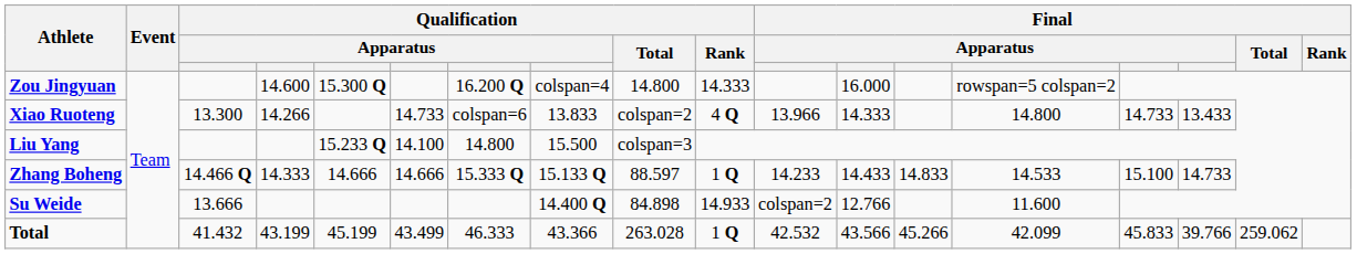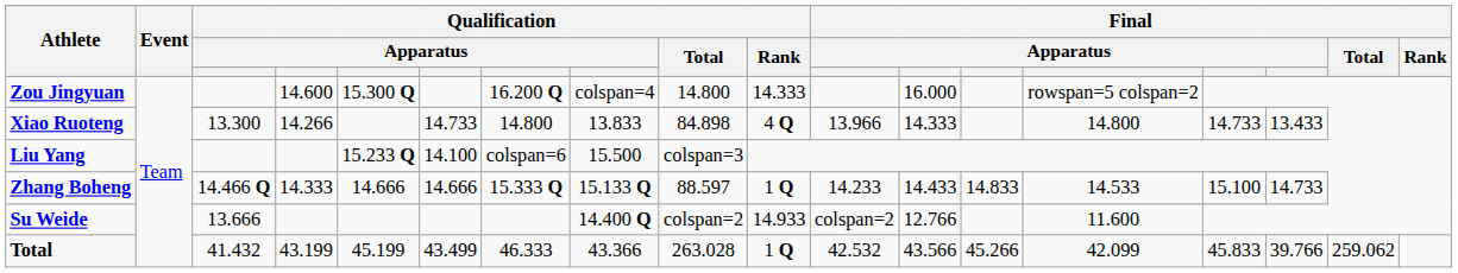 <table class=wikitable style=font-size:90%;text-align:center>
 <tr>
 <th rowspan=3>Athlete</th>
 <th rowspan=3>Event</th>
 <th colspan=8>Qualification</th>
 <th colspan=8>Final</th>
 </tr>
 <tr style="font-size:95%">
 <th colspan=6>Apparatus</th>
 <th rowspan=2>Total</th>
 <th rowspan=2>Rank</th>
 <th colspan=6>Apparatus</th>
 <th rowspan=2>Total</th>
 <th rowspan=2>Rank</th>
 </tr>
 <tr style="font-size:95%">
 <th></th>
 <th></th>
 <th></th>
 <th></th>
 <th></th>
 <th></th>
 <th></th>
 <th></th>
 <th></th>
 <th></th>
 <th></th>
 <th></th>
 </tr>
 <tr>
 <td align=left><strong><a href='#'>Zou Jingyuan</a></strong></td>
 <td align=left rowspan=6><a href='#'>Team</a></td>
 <td></td>
 <td>14.600</td>
 <td>15.300 <strong>Q</strong></td>
 <td></td>
 <td>16.200 <strong>Q</strong></td>
 <td>colspan=4</td>
 <td>14.800</td>
 <td>14.333</td>
 <td></td>
 <td>16.000</td>
 <td></td>
 <td>rowspan=5 colspan=2 </td>
 </tr>
 <tr>
 <td align=left><strong><a href='#'>Xiao Ruoteng</a></strong></td>
 <td>13.300</td>
 <td>14.266</td>
 <td></td>
 <td>14.733</td>
-<td>colspan=6</td>
+<td>14.800</td>
 <td>13.833</td>
-<td>colspan=2</td>
+<td>84.898</td>
 <td>4 <strong>Q</strong></td>
 <td>13.966</td>
 <td>14.333</td>
 <td></td>
 <td>14.800</td>
 <td>14.733</td>
 <td>13.433</td>
 </tr>
 <tr>
 <td align=left><strong><a href='#'>Liu Yang</a></strong></td>
 <td></td>
 <td></td>
 <td>15.233 <strong>Q</strong></td>
 <td>14.100</td>
-<td>14.800</td>
+<td>colspan=6</td>
 <td>15.500</td>
 <td>colspan=3</td>
 </tr>
 <tr>
 <td align=left><strong><a href='#'>Zhang Boheng</a></strong></td>
 <td>14.466 <strong>Q</strong></td>
 <td>14.333</td>
 <td>14.666</td>
 <td>14.666</td>
 <td>15.333 <strong>Q</strong></td>
 <td>15.133 <strong>Q</strong></td>
 <td>88.597</td>
 <td>1 <strong>Q</strong></td>
 <td>14.233</td>
 <td>14.433</td>
 <td>14.833</td>
 <td>14.533</td>
 <td>15.100</td>
 <td>14.733</td>
 </tr>
 <tr>
 <td align=left><strong><a href='#'>Su Weide</a></strong></td>
 <td>13.666</td>
 <td></td>
 <td></td>
 <td></td>
 <td></td>
 <td>14.400 <strong>Q</strong></td>
-<td>84.898</td>
+<td>colspan=2</td>
 <td>14.933</td>
 <td>colspan=2</td>
 <td>12.766</td>
 <td></td>
 <td>11.600</td>
 </tr>
 <tr>
 <td align=left><strong>Total</strong></td>
 <td>41.432</td>
 <td>43.199</td>
 <td>45.199</td>
 <td>43.499</td>
 <td>46.333</td>
 <td>43.366</td>
 <td>263.028</td>
 <td>1 <strong>Q</strong></td>
 <td>42.532</td>
 <td>43.566</td>
 <td>45.266</td>
 <td>42.099</td>
 <td>45.833</td>
 <td>39.766</td>
 <td>259.062</td>
 <td></td>
 </tr>
 </table>
